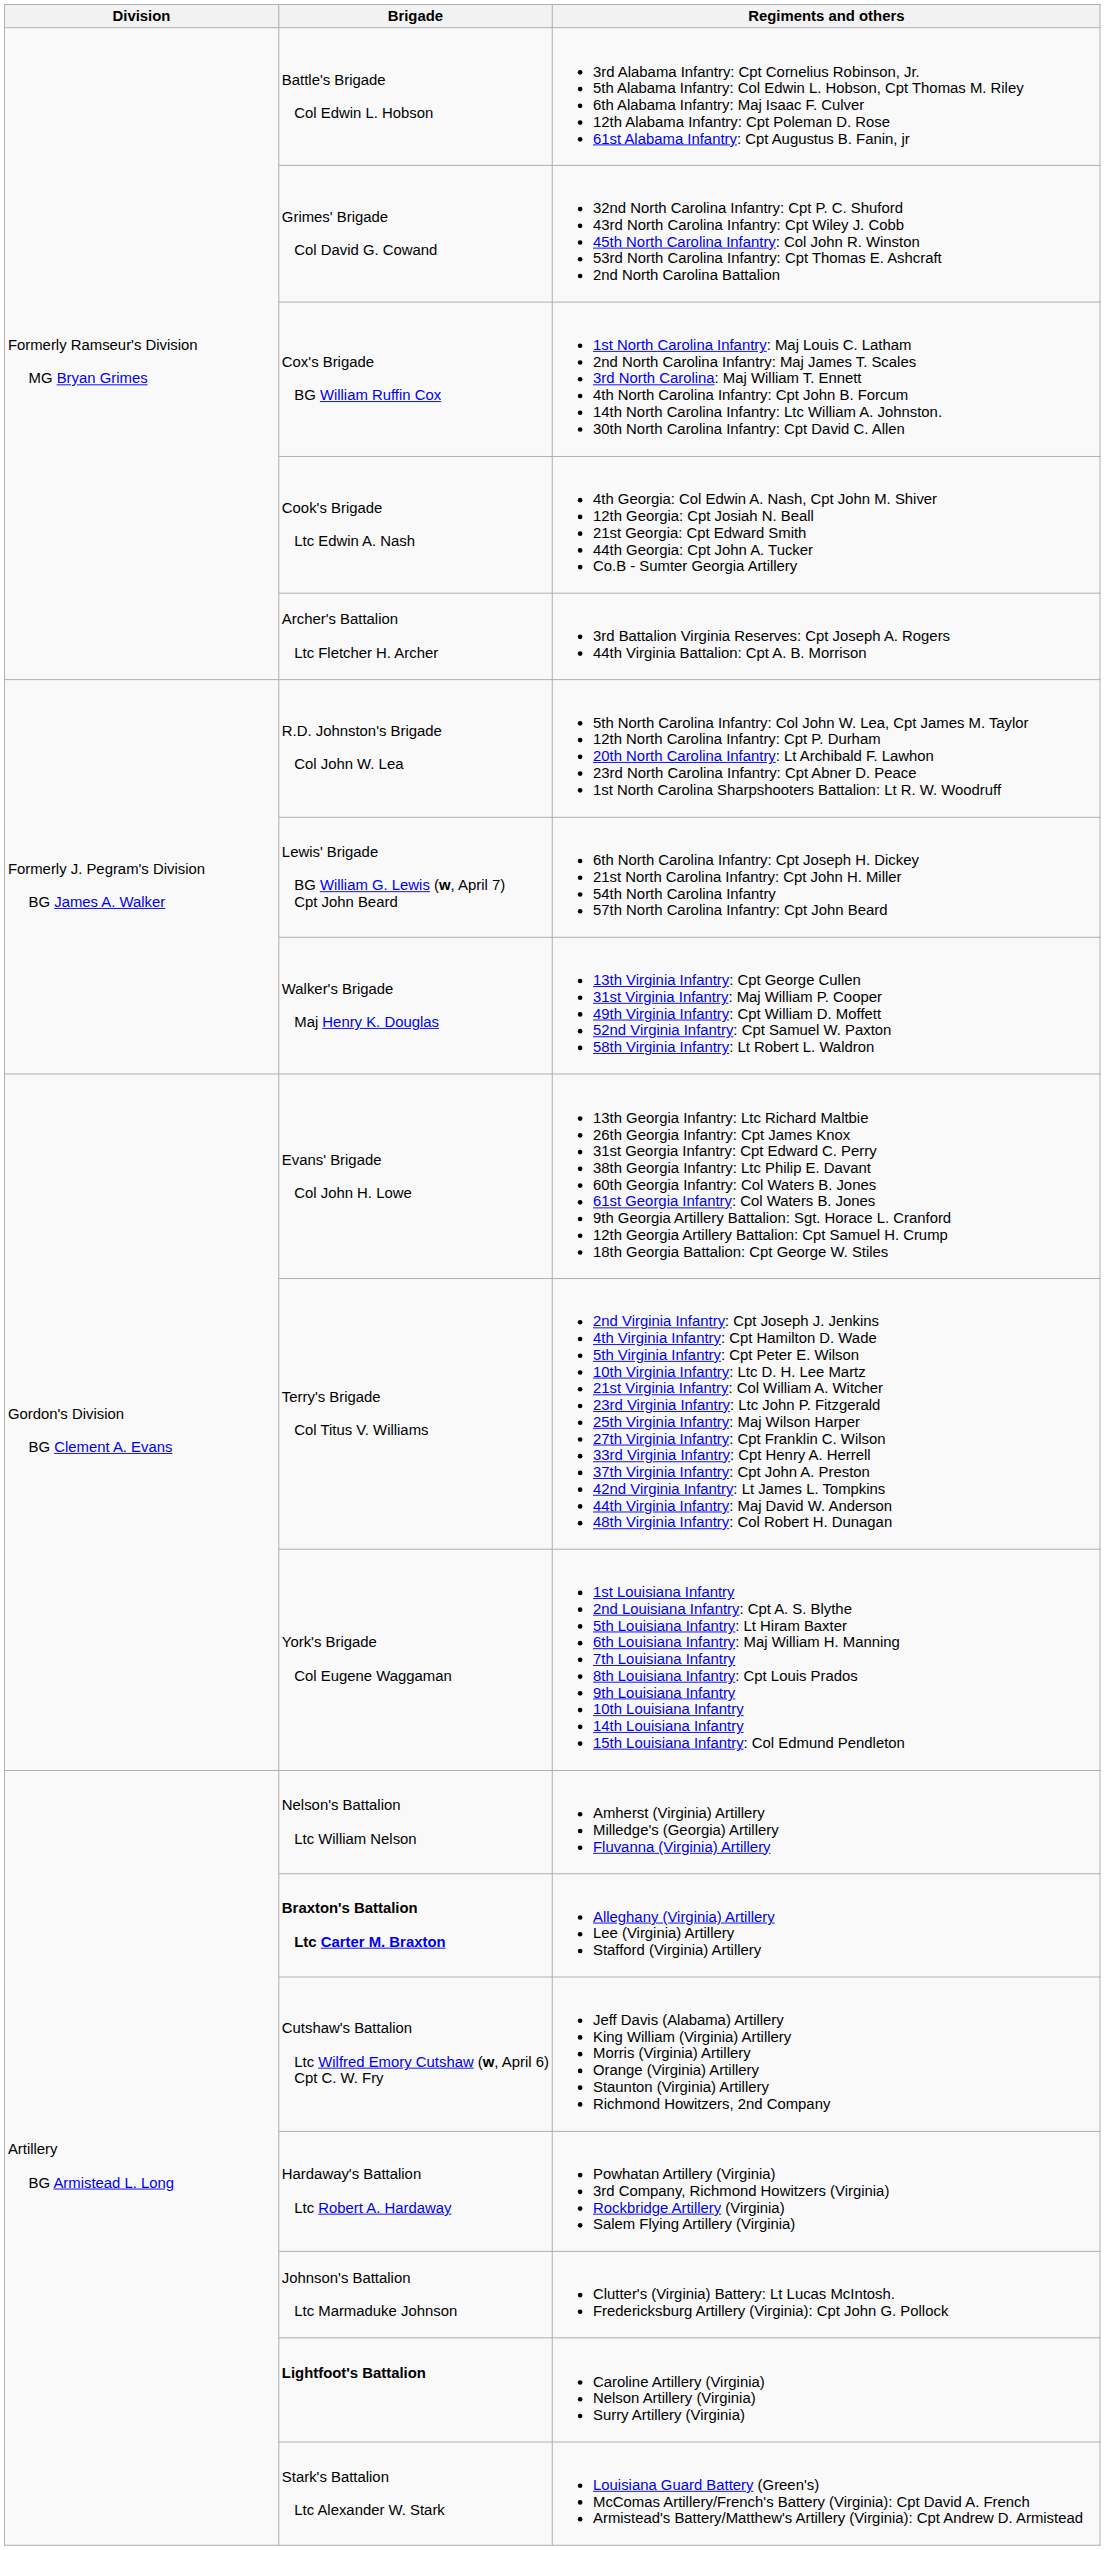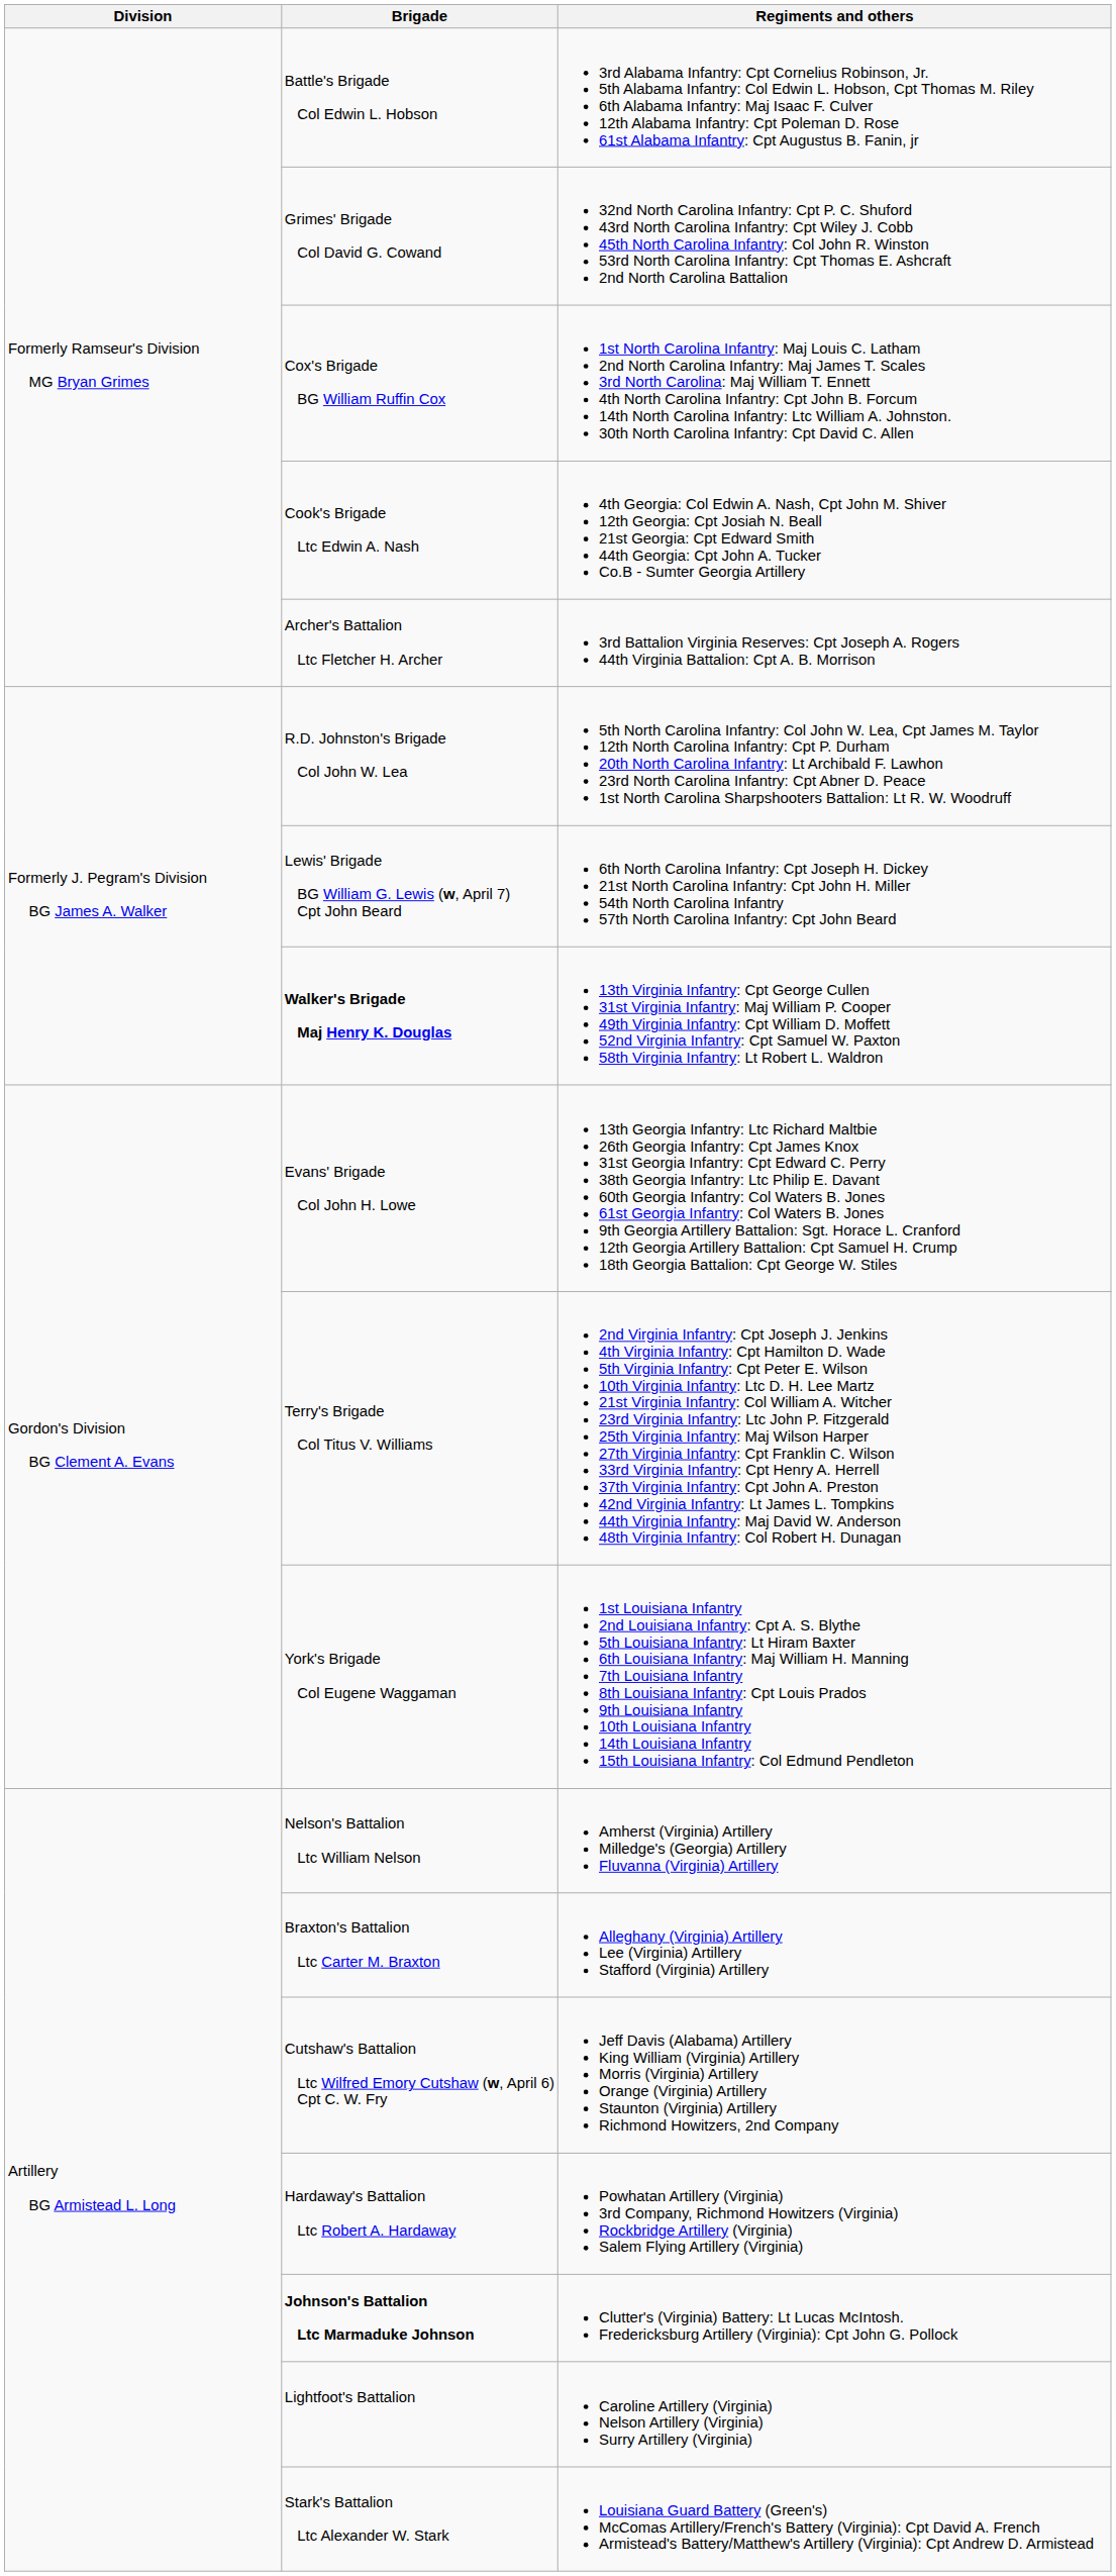 <table class="wikitable">
 <tr>
 <th style="width:25%;">Division</th>
 <th style="width:25%;">Brigade</th>
 <th>Regiments and others</th>
 </tr>
 <tr>
 <td rowspan=5><br>Formerly Ramseur's Division<br><br>     MG <a href='#'>Bryan Grimes</a></td>
 <td>Battle's Brigade<br><br>   Col Edwin L. Hobson</td>
 <td><br><ul><li>3rd Alabama Infantry: Cpt Cornelius Robinson, Jr.</li><li>5th Alabama Infantry: Col Edwin L. Hobson, Cpt Thomas M. Riley</li><li>6th Alabama Infantry: Maj Isaac F. Culver</li><li>12th Alabama Infantry: Cpt Poleman D. Rose</li><li><a href='#'>61st Alabama Infantry</a>: Cpt Augustus B. Fanin, jr</li></ul></td>
 </tr>
 <tr>
 <td>Grimes' Brigade<br><br>   Col David G. Cowand</td>
 <td><br><ul><li>32nd North Carolina Infantry: Cpt P. C. Shuford</li><li>43rd North Carolina Infantry: Cpt Wiley J. Cobb</li><li><a href='#'>45th North Carolina Infantry</a>: Col John R. Winston</li><li>53rd North Carolina Infantry: Cpt Thomas E. Ashcraft</li><li>2nd North Carolina Battalion</li></ul></td>
 </tr>
 <tr>
 <td>Cox's Brigade<br><br>   BG <a href='#'>William Ruffin Cox</a></td>
 <td><br><ul><li><a href='#'>1st North Carolina Infantry</a>: Maj Louis C. Latham</li><li>2nd North Carolina Infantry: Maj James T. Scales</li><li><a href='#'>3rd North Carolina</a>: Maj William T. Ennett</li><li>4th North Carolina Infantry: Cpt John B. Forcum</li><li>14th North Carolina Infantry: Ltc William A. Johnston.</li><li>30th North Carolina Infantry: Cpt David C. Allen</li></ul></td>
 </tr>
 <tr>
 <td>Cook's Brigade<br><br>   Ltc Edwin A. Nash</td>
 <td><br><ul><li>4th Georgia: Col Edwin A. Nash, Cpt John M. Shiver</li><li>12th Georgia: Cpt Josiah N. Beall</li><li>21st Georgia: Cpt Edward Smith</li><li>44th Georgia: Cpt John A. Tucker</li><li>Co.B - Sumter Georgia Artillery</li></ul></td>
 </tr>
 <tr>
 <td>Archer's Battalion<br><br>   Ltc Fletcher H. Archer</td>
 <td><br><ul><li>3rd Battalion Virginia Reserves: Cpt Joseph A. Rogers</li><li>44th Virginia Battalion: Cpt A. B. Morrison</li></ul></td>
 </tr>
 <tr>
 <td rowspan=3><br>Formerly J. Pegram's Division<br><br>     BG <a href='#'>James A. Walker</a></td>
 <td>R.D. Johnston's Brigade<br><br>   Col John W. Lea</td>
 <td><br><ul><li>5th North Carolina Infantry: Col John W. Lea, Cpt James M. Taylor</li><li>12th North Carolina Infantry: Cpt P. Durham</li><li><a href='#'>20th North Carolina Infantry</a>: Lt Archibald F. Lawhon</li><li>23rd North Carolina Infantry: Cpt Abner D. Peace</li><li>1st North Carolina Sharpshooters Battalion: Lt R. W. Woodruff</li></ul></td>
 </tr>
 <tr>
 <td>Lewis' Brigade<br><br>   BG <a href='#'>William G. Lewis</a> (<strong>w</strong>, April 7) <br>   Cpt John Beard</td>
 <td><br><ul><li>6th North Carolina Infantry: Cpt Joseph H. Dickey</li><li>21st North Carolina Infantry: Cpt John H. Miller</li><li>54th North Carolina Infantry</li><li>57th North Carolina Infantry: Cpt John Beard</li></ul></td>
 </tr>
 <tr>
-<td>Walker's Brigade<br><br>   Maj <a href='#'>Henry K. Douglas</a></td>
+<td><strong>Walker's Brigade<br><br>   Maj <a href='#'>Henry K. Douglas</a></strong></td>
 <td><br><ul><li><a href='#'>13th Virginia Infantry</a>: Cpt George Cullen</li><li><a href='#'>31st Virginia Infantry</a>: Maj William P. Cooper</li><li><a href='#'>49th Virginia Infantry</a>: Cpt William D. Moffett</li><li><a href='#'>52nd Virginia Infantry</a>: Cpt Samuel W. Paxton</li><li><a href='#'>58th Virginia Infantry</a>: Lt Robert L. Waldron</li></ul></td>
 </tr>
 <tr>
 <td rowspan=3><br>Gordon's Division<br><br>     BG <a href='#'>Clement A. Evans</a></td>
 <td>Evans' Brigade<br><br>   Col John H. Lowe</td>
 <td><br><ul><li>13th Georgia Infantry: Ltc Richard Maltbie</li><li>26th Georgia Infantry: Cpt James Knox</li><li>31st Georgia Infantry: Cpt Edward C. Perry</li><li>38th Georgia Infantry: Ltc Philip E. Davant</li><li>60th Georgia Infantry: Col Waters B. Jones</li><li><a href='#'>61st Georgia Infantry</a>: Col Waters B. Jones</li><li>9th Georgia Artillery Battalion: Sgt. Horace L. Cranford</li><li>12th Georgia Artillery Battalion: Cpt Samuel H. Crump</li><li>18th Georgia Battalion: Cpt George W. Stiles</li></ul></td>
 </tr>
 <tr>
 <td>Terry's Brigade<br><br>   Col Titus V. Williams</td>
 <td><br><ul><li><a href='#'>2nd Virginia Infantry</a>: Cpt Joseph J. Jenkins</li><li><a href='#'>4th Virginia Infantry</a>: Cpt Hamilton D. Wade</li><li><a href='#'>5th Virginia Infantry</a>: Cpt Peter E. Wilson</li><li><a href='#'>10th Virginia Infantry</a>: Ltc D. H. Lee Martz</li><li><a href='#'>21st Virginia Infantry</a>: Col William A. Witcher</li><li><a href='#'>23rd Virginia Infantry</a>: Ltc John P. Fitzgerald</li><li><a href='#'>25th Virginia Infantry</a>: Maj Wilson Harper</li><li><a href='#'>27th Virginia Infantry</a>: Cpt Franklin C. Wilson</li><li><a href='#'>33rd Virginia Infantry</a>: Cpt Henry A. Herrell</li><li><a href='#'>37th Virginia Infantry</a>: Cpt John A. Preston</li><li><a href='#'>42nd Virginia Infantry</a>: Lt James L. Tompkins</li><li><a href='#'>44th Virginia Infantry</a>: Maj David W. Anderson</li><li><a href='#'>48th Virginia Infantry</a>: Col Robert H. Dunagan</li></ul></td>
 </tr>
 <tr>
 <td>York's Brigade<br><br>   Col Eugene Waggaman</td>
 <td><br><ul><li><a href='#'>1st Louisiana Infantry</a></li><li><a href='#'>2nd Louisiana Infantry</a>: Cpt A. S. Blythe</li><li><a href='#'>5th Louisiana Infantry</a>: Lt Hiram Baxter</li><li><a href='#'>6th Louisiana Infantry</a>: Maj William H. Manning</li><li><a href='#'>7th Louisiana Infantry</a></li><li><a href='#'>8th Louisiana Infantry</a>: Cpt Louis Prados</li><li><a href='#'>9th Louisiana Infantry</a></li><li><a href='#'>10th Louisiana Infantry</a></li><li><a href='#'>14th Louisiana Infantry</a></li><li><a href='#'>15th Louisiana Infantry</a>: Col Edmund Pendleton</li></ul></td>
 </tr>
 <tr>
 <td rowspan=7><br>Artillery<br><br>     BG <a href='#'>Armistead L. Long</a></td>
 <td>Nelson's Battalion<br><br>   Ltc William Nelson</td>
 <td><br><ul><li>Amherst (Virginia) Artillery</li><li>Milledge's (Georgia) Artillery</li><li><a href='#'>Fluvanna (Virginia) Artillery</a></li></ul></td>
 </tr>
 <tr>
-<td><strong>Braxton's Battalion<br><br>   Ltc <a href='#'>Carter M. Braxton</a></strong></td>
+<td>Braxton's Battalion<br><br>   Ltc <a href='#'>Carter M. Braxton</a></td>
 <td><br><ul><li><a href='#'>Alleghany (Virginia) Artillery</a></li><li>Lee (Virginia) Artillery</li><li>Stafford (Virginia) Artillery</li></ul></td>
 </tr>
 <tr>
 <td>Cutshaw's Battalion<br><br>   Ltc <a href='#'>Wilfred Emory Cutshaw</a> (<strong>w</strong>, April 6) <br>   Cpt C. W. Fry</td>
 <td><br><ul><li>Jeff Davis (Alabama) Artillery</li><li>King William (Virginia) Artillery</li><li>Morris (Virginia) Artillery</li><li>Orange (Virginia) Artillery</li><li>Staunton (Virginia) Artillery</li><li>Richmond Howitzers, 2nd Company</li></ul></td>
 </tr>
 <tr>
 <td>Hardaway's Battalion<br><br>   Ltc <a href='#'>Robert A. Hardaway</a></td>
 <td><br><ul><li>Powhatan Artillery (Virginia)</li><li>3rd Company, Richmond Howitzers (Virginia)</li><li><a href='#'>Rockbridge Artillery</a> (Virginia)</li><li>Salem Flying Artillery (Virginia)</li></ul></td>
 </tr>
 <tr>
-<td>Johnson's Battalion<br><br>   Ltc Marmaduke Johnson</td>
+<td><strong>Johnson's Battalion<br><br>   Ltc Marmaduke Johnson</strong></td>
 <td><br><ul><li>Clutter's (Virginia) Battery: Lt Lucas McIntosh.</li><li>Fredericksburg Artillery (Virginia): Cpt John G. Pollock</li></ul></td>
 </tr>
 <tr>
-<td><strong>Lightfoot's Battalion<br><br>  </strong></td>
+<td>Lightfoot's Battalion<br><br>  </td>
 <td><br><ul><li>Caroline Artillery (Virginia)</li><li>Nelson Artillery (Virginia)</li><li>Surry Artillery (Virginia)</li></ul></td>
 </tr>
 <tr>
 <td>Stark's Battalion<br><br>   Ltc Alexander W. Stark</td>
 <td><br><ul><li><a href='#'>Louisiana Guard Battery</a> (Green's)</li><li>McComas Artillery/French's Battery (Virginia): Cpt David A. French</li><li>Armistead's Battery/Matthew's Artillery (Virginia): Cpt Andrew D. Armistead</li></ul></td>
 </tr>
 </table>
